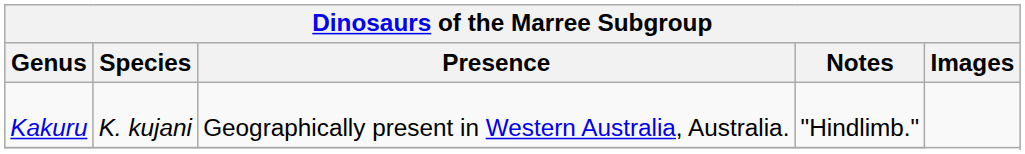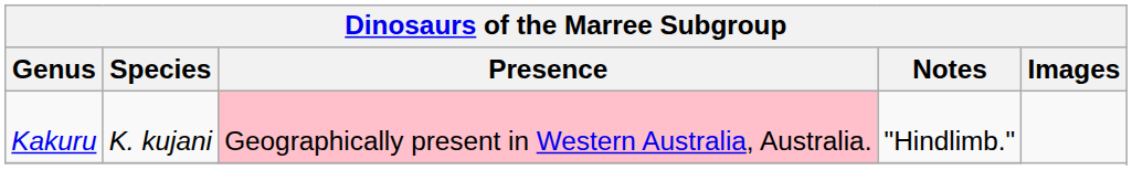 <table class="wikitable" align="center">
 <tr>
 <th colspan="5" align="center"><strong><a href='#'>Dinosaurs</a> of the Marree Subgroup</strong></th>
 </tr>
 <tr>
 <th>Genus</th>
 <th>Species</th>
 <th>Presence</th>
 <th>Notes</th>
 <th>Images</th>
 </tr>
 <tr>
 <td><br><em><a href='#'>Kakuru</a></em></td>
 <td><br><em>K. kujani</em></td>
-<td><br>Geographically present in <a href='#'>Western Australia</a>, Australia.</td>
+<td style="background: pink;"><br>Geographically present in <a href='#'>Western Australia</a>, Australia.</td>
 <td><br>"Hindlimb."</td>
 <td rowspan="99"><br></td>
 </tr>
 <tr>
 </tr>
 </table>
